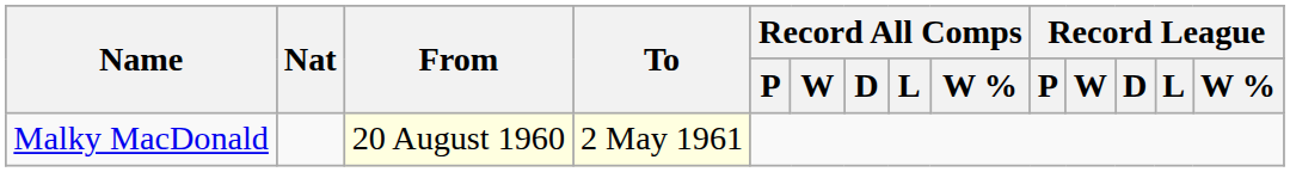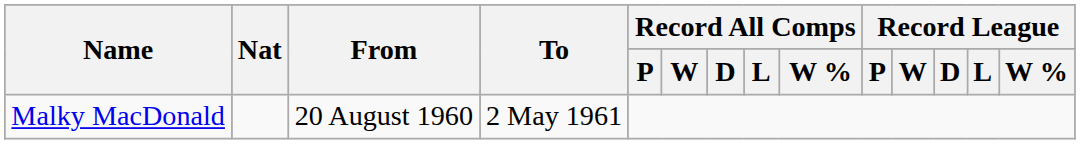 <table class="wikitable" style="text-align: center">
 <tr>
 <th rowspan="2">Name</th>
 <th rowspan="2">Nat</th>
 <th rowspan="2">From</th>
 <th rowspan="2">To</th>
 <th colspan="5">Record All Comps</th>
 <th colspan="5">Record League</th>
 </tr>
 <tr>
 <th>P</th>
 <th>W</th>
 <th>D</th>
 <th>L</th>
 <th>W %</th>
 <th>P</th>
 <th>W</th>
 <th>D</th>
 <th>L</th>
 <th>W %</th>
 </tr>
 <tr>
 <td style="text-align:left;"><a href='#'>Malky MacDonald</a></td>
 <td></td>
-<td style="background: lightyellow; text-align:left;">20 August 1960</td>
-<td style="background: lightyellow; text-align:left;">2 May 1961<br> </td>
+<td style="text-align:left;">20 August 1960</td>
+<td style="text-align:left;">2 May 1961<br> </td>
 </tr>
 </table>
